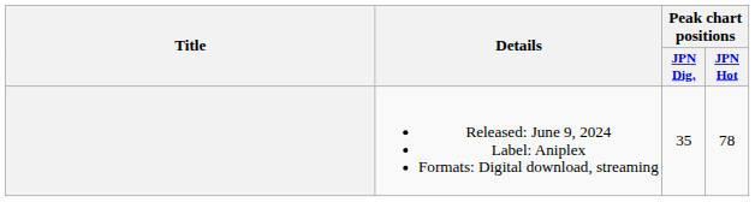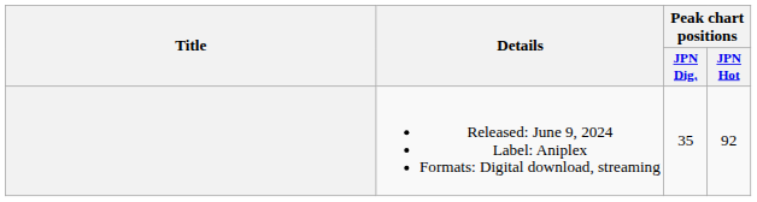 <table class="wikitable plainrowheaders" style="text-align:center;">
 <tr>
 <th scope="col" rowspan="2" style="width:23em;">Title</th>
 <th scope="col" rowspan="2">Details</th>
 <th scope="col" colspan="2">Peak chart positions</th>
 </tr>
 <tr>
 <th scope="col" style="width:2.75em;font-size:85%;"><a href='#'>JPN<br>Dig.</a><br></th>
 <th scope="col" style="width:2.75em;font-size:85%;"><a href='#'>JPN<br>Hot</a><br></th>
 </tr>
 <tr>
 <th scope="row"></th>
 <td><br><ul><li>Released: June 9, 2024</li><li>Label: Aniplex</li><li>Formats: Digital download, streaming</li></ul></td>
 <td>35</td>
-<td>78</td>
+<td>92</td>
 </tr>
 </table>
